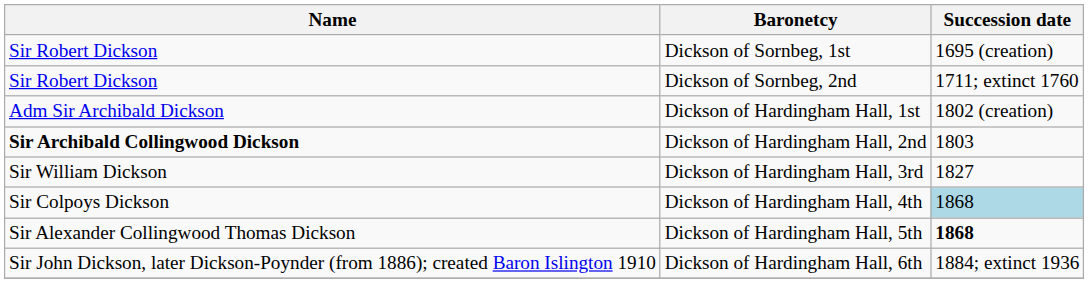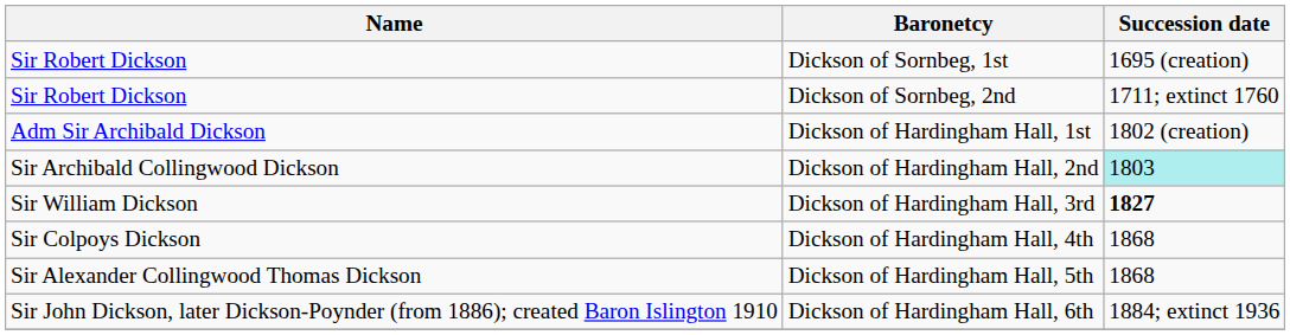 <table class="wikitable sortable">
 <tr>
 <th>Name</th>
 <th>Baronetcy</th>
 <th>Succession date</th>
 </tr>
 <tr>
 <td><a href='#'>Sir Robert Dickson</a></td>
 <td>Dickson of Sornbeg, 1st</td>
 <td>1695 (creation)</td>
 </tr>
 <tr>
 <td><a href='#'>Sir Robert Dickson</a></td>
 <td>Dickson of Sornbeg, 2nd</td>
 <td>1711; extinct 1760</td>
 </tr>
 <tr>
 <td><a href='#'>Adm Sir Archibald Dickson</a></td>
 <td>Dickson of Hardingham Hall, 1st</td>
 <td>1802 (creation)</td>
 </tr>
 <tr>
-<td><strong>Sir Archibald Collingwood Dickson</strong></td>
+<td>Sir Archibald Collingwood Dickson</td>
 <td>Dickson of Hardingham Hall, 2nd</td>
-<td>1803</td>
+<td style="background: paleturquoise;">1803</td>
 </tr>
 <tr>
 <td>Sir William Dickson</td>
 <td>Dickson of Hardingham Hall, 3rd</td>
-<td>1827</td>
+<td><strong>1827</strong></td>
 </tr>
 <tr>
 <td>Sir Colpoys Dickson</td>
 <td>Dickson of Hardingham Hall, 4th</td>
-<td style="background: lightblue;">1868</td>
+<td>1868</td>
 </tr>
 <tr>
 <td>Sir Alexander Collingwood Thomas Dickson</td>
 <td>Dickson of Hardingham Hall, 5th</td>
-<td><strong>1868</strong></td>
+<td>1868</td>
 </tr>
 <tr>
 <td>Sir John Dickson, later Dickson-Poynder (from 1886); created <a href='#'>Baron Islington</a> 1910</td>
 <td>Dickson of Hardingham Hall, 6th</td>
 <td>1884; extinct 1936</td>
 </tr>
 <tr>
 </tr>
 </table>
